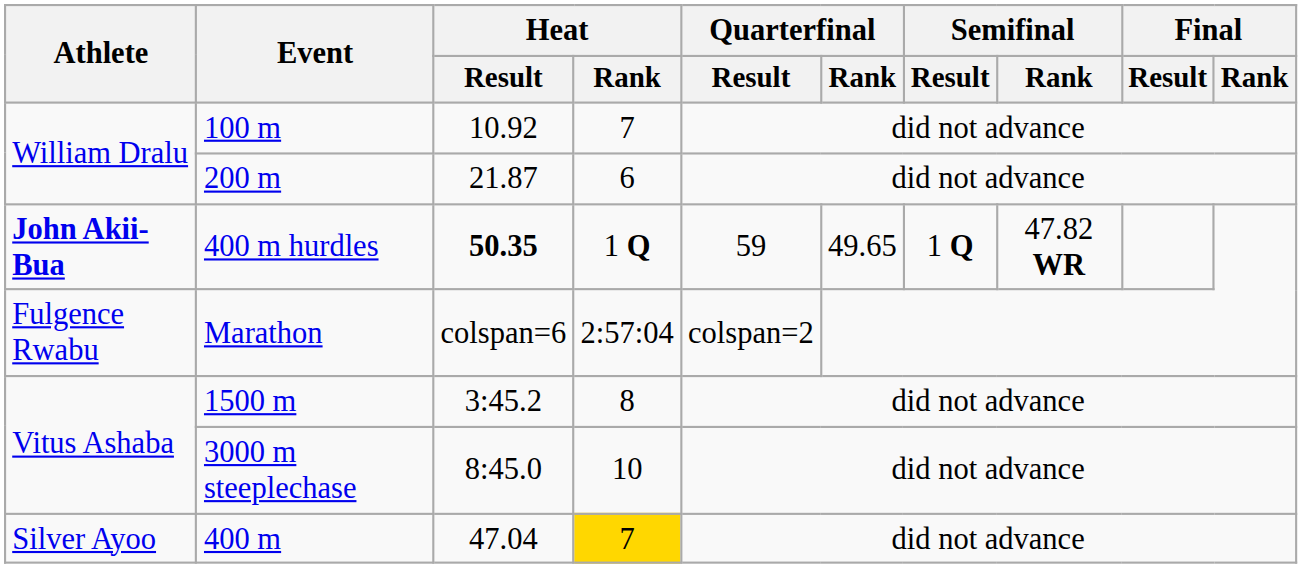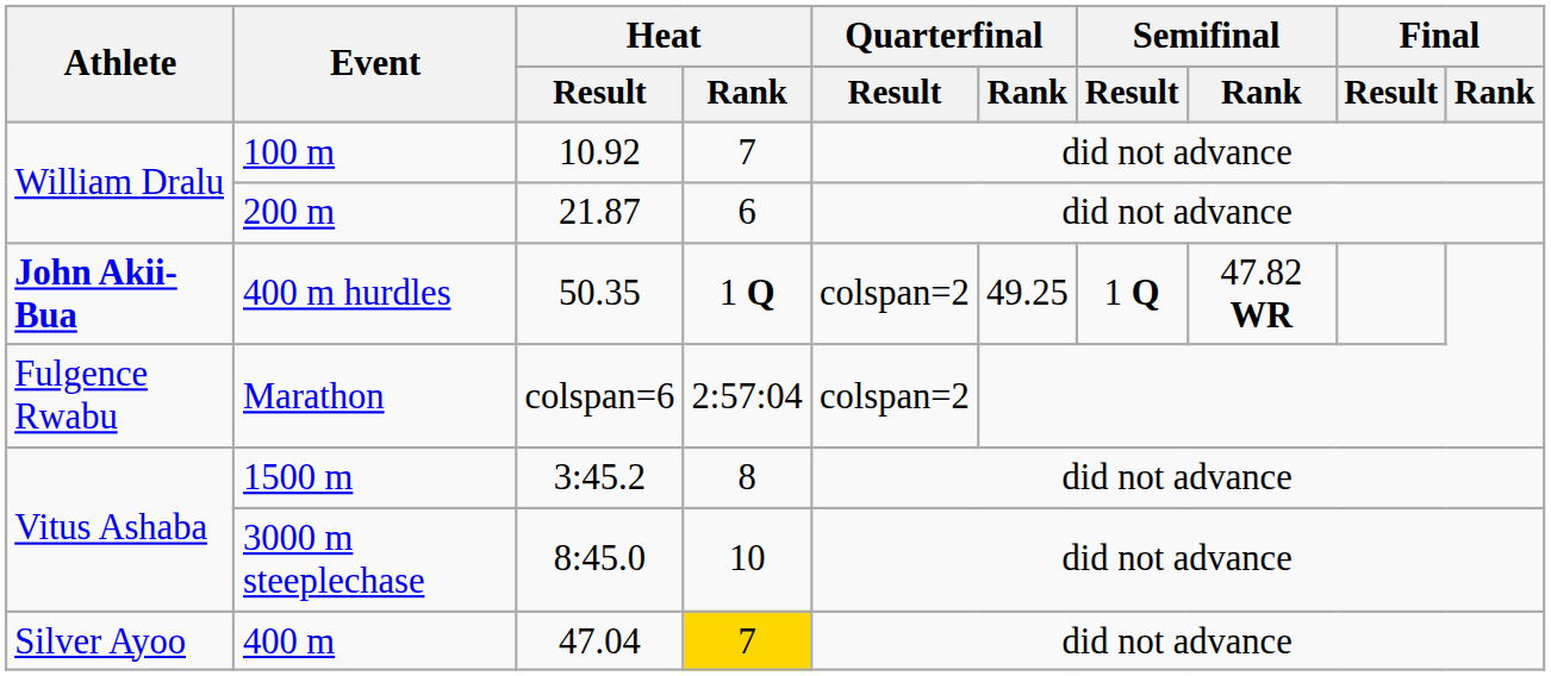 <table class="wikitable" style="font-size:90%">
 <tr>
 <th rowspan="2">Athlete</th>
 <th rowspan="2">Event</th>
 <th colspan="2">Heat</th>
 <th colspan="2">Quarterfinal</th>
 <th colspan="2">Semifinal</th>
 <th colspan="2">Final</th>
 </tr>
 <tr style="font-size:95%">
 <th>Result</th>
 <th>Rank</th>
 <th>Result</th>
 <th>Rank</th>
 <th>Result</th>
 <th>Rank</th>
 <th>Result</th>
 <th>Rank</th>
 </tr>
 <tr align=center>
 <td align=left rowspan=2><a href='#'>William Dralu</a></td>
 <td align=left><a href='#'>100 m</a></td>
 <td>10.92</td>
 <td>7</td>
 <td colspan=6>did not advance</td>
 </tr>
 <tr align=center>
 <td align=left><a href='#'>200 m</a></td>
 <td>21.87</td>
 <td>6</td>
 <td colspan=6>did not advance</td>
 </tr>
 <tr align=center>
 <td align=left><strong><a href='#'>John Akii-Bua</a></strong></td>
 <td align=left><a href='#'>400 m hurdles</a></td>
-<td><strong>50.35</strong></td>
+<td>50.35</td>
 <td>1 <strong>Q</strong></td>
-<td>59</td>
-<td>49.65</td>
+<td>colspan=2 </td>
+<td>49.25</td>
 <td>1 <strong>Q</strong></td>
 <td>47.82	<strong>WR</strong></td>
 <td></td>
 </tr>
 <tr align=center>
 <td align=left><a href='#'>Fulgence Rwabu</a></td>
 <td align=left><a href='#'>Marathon</a></td>
 <td>colspan=6 </td>
 <td>2:57:04</td>
 <td>colspan=2 </td>
 </tr>
 <tr align=center>
 <td align=left rowspan=2><a href='#'>Vitus Ashaba</a></td>
 <td align=left><a href='#'>1500 m</a></td>
 <td>3:45.2</td>
 <td>8</td>
 <td colspan=6>did not advance</td>
 </tr>
 <tr align=center>
 <td align=left><a href='#'>3000 m steeplechase</a></td>
 <td>8:45.0</td>
 <td>10</td>
 <td colspan=6>did not advance</td>
 </tr>
 <tr align=center>
 <td align=left><a href='#'>Silver Ayoo</a></td>
 <td align=left><a href='#'>400 m</a></td>
 <td>47.04</td>
 <td style="background: gold;">7</td>
 <td colspan=6>did not advance</td>
 </tr>
 </table>
